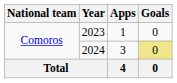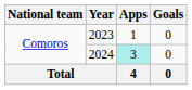 <table class="wikitable" style="text-align:center">
 <tr>
 <th>National team</th>
 <th>Year</th>
 <th>Apps</th>
 <th>Goals</th>
 </tr>
 <tr>
 <td rowspan="2"><a href='#'>Comoros</a></td>
 <td>2023</td>
 <td>1</td>
 <td>0</td>
 </tr>
 <tr>
 <td>2024</td>
-<td>3</td>
-<td style="background: khaki;">0</td>
+<td style="background: paleturquoise;">3</td>
+<td>0</td>
 </tr>
 <tr>
 <th colspan="2">Total</th>
 <th>4</th>
 <th>0</th>
 </tr>
 </table>
